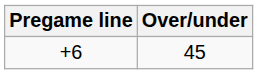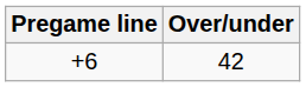 <table class="wikitable" style="margin-left: auto; margin-right: auto; border: none; display: inline-table;">
 <tr align="center">
 <th style=>Pregame line</th>
 <th style=>Over/under</th>
 </tr>
 <tr align="center">
 <td>+6</td>
-<td>45</td>
+<td>42</td>
 </tr>
 </table>
